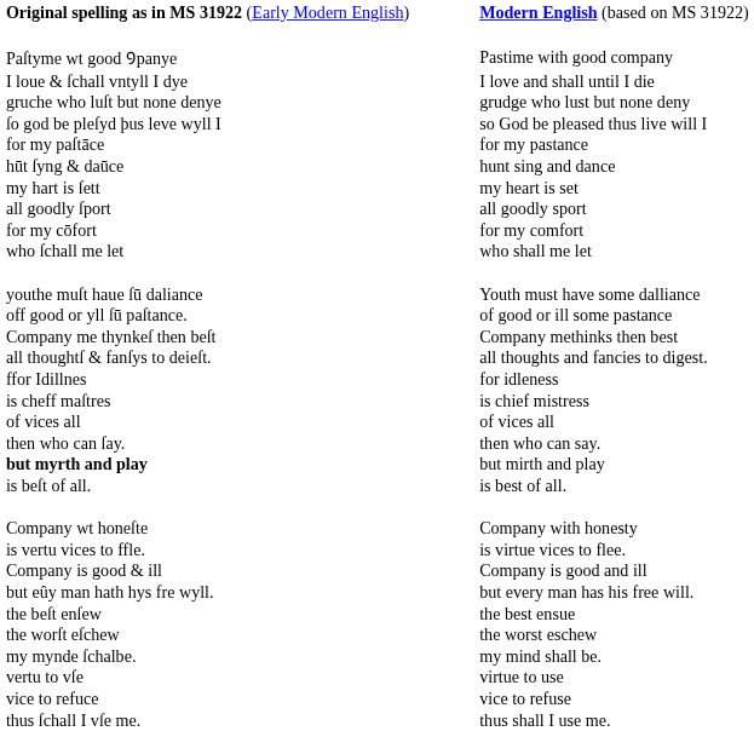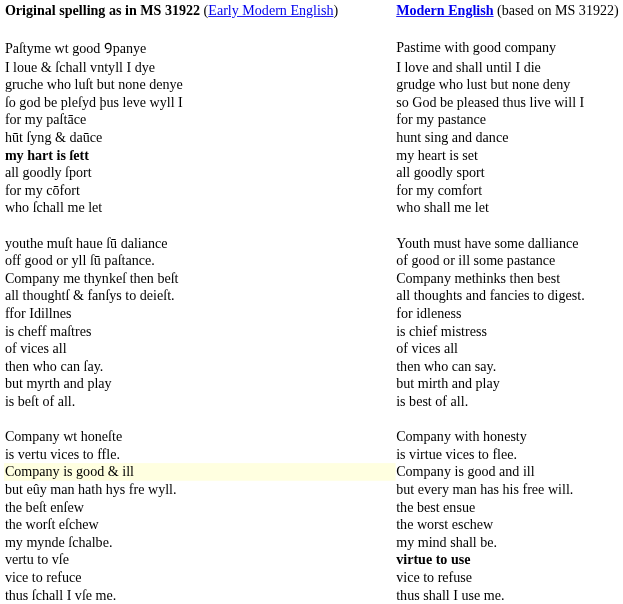 <table cellspacing="0" style="white-space: nowrap;">
 <tr>
 <td><strong>Original spelling as in MS 31922</strong> (<a href='#'>Early Modern English</a>)                </td>
 <td><strong><a href='#'>Modern English</a></strong> (based on MS 31922)<em></td>
 </tr>
 <tr>
 <td> </td>
 </tr>
 <tr>
 </tr>
 <tr>
 <td>Paſtyme wt good Ꝯpanye</td>
 <td>Pastime with good company</td>
 </tr>
 <tr>
 <td>I loue & ſchall vntyll I dye</td>
 <td>I love and shall until I die</td>
 </tr>
 <tr>
 <td>gruche who luſt but none denye</td>
 <td>grudge who lust but none deny</td>
 </tr>
 <tr>
 <td>ſo god be pleſyd þus leve wyll I</td>
 <td>so God be pleased thus live will I</td>
 </tr>
 <tr>
 <td>for my paſtāce</td>
 <td>for my pastance</td>
 </tr>
 <tr>
 <td>hūt ſyng & daūce</td>
 <td>hunt sing and dance</td>
 </tr>
 <tr>
-<td>my hart is ſett</td>
+<td><strong>my hart is ſett</strong></td>
 <td>my heart is set</td>
 </tr>
 <tr>
 <td>all goodly ſport</td>
 <td>all goodly sport</td>
 </tr>
 <tr>
 <td>for my cōfort</td>
 <td>for my comfort</td>
 </tr>
 <tr>
 <td>who ſchall me let</td>
 <td>who shall me let</td>
 </tr>
 <tr>
 <td> </td>
 <td> </td>
 <td> </td>
 </tr>
 <tr>
 <td>youthe muſt haue ſū daliance</td>
 <td>Youth must have some dalliance</td>
 </tr>
 <tr>
 <td>off good or yll ſū paſtance.</td>
 <td>of good or ill some pastance</td>
 </tr>
 <tr>
 <td>Company me thynkeſ then beſt</td>
 <td>Company methinks then best</td>
 </tr>
 <tr>
 <td>all thoughtſ & fanſys to deieſt.</td>
 <td>all thoughts and fancies to digest.</td>
 </tr>
 <tr>
 <td>ffor Idillnes</td>
 <td>for idleness</td>
 </tr>
 <tr>
 <td>is cheff maſtres</td>
 <td>is chief mistress</td>
 </tr>
 <tr>
 <td>of vices all</td>
 <td>of vices all</td>
 </tr>
 <tr>
 <td>then who can ſay.</td>
 <td>then who can say.</td>
 </tr>
 <tr>
-<td><strong>but myrth and play</strong></td>
+<td>but myrth and play</td>
 <td>but mirth and play</td>
 </tr>
 <tr>
 <td>is beſt of all.</td>
 <td>is best of all.</td>
 </tr>
 <tr>
 <td> </td>
 <td> </td>
 <td> </td>
 </tr>
 <tr>
 <td>Company wt honeſte</td>
 <td>Company with honesty</td>
 </tr>
 <tr>
 <td>is vertu vices to ffle.</td>
 <td>is virtue vices to flee.</td>
 </tr>
 <tr>
-<td>Company is good & ill</td>
+<td style="background: lightyellow;">Company is good & ill</td>
 <td>Company is good and ill</td>
 </tr>
 <tr>
 <td>but eûy man hath hys fre wyll.</td>
 <td>but every man has his free will.</td>
 </tr>
 <tr>
 <td>the beſt enſew</td>
 <td>the best ensue</td>
 </tr>
 <tr>
 <td>the worſt eſchew</td>
 <td>the worst eschew</td>
 </tr>
 <tr>
 <td>my mynde ſchalbe.</td>
 <td>my mind shall be.</td>
 </tr>
 <tr>
 <td>vertu to vſe</td>
-<td>virtue to use</td>
+<td><strong>virtue to use</strong></td>
 </tr>
 <tr>
 <td>vice to refuce</td>
 <td>vice to refuse</td>
 </tr>
 <tr>
 <td>thus ſchall I vſe me.</td>
 <td>thus shall I use me.</td>
 </tr>
 </table>
